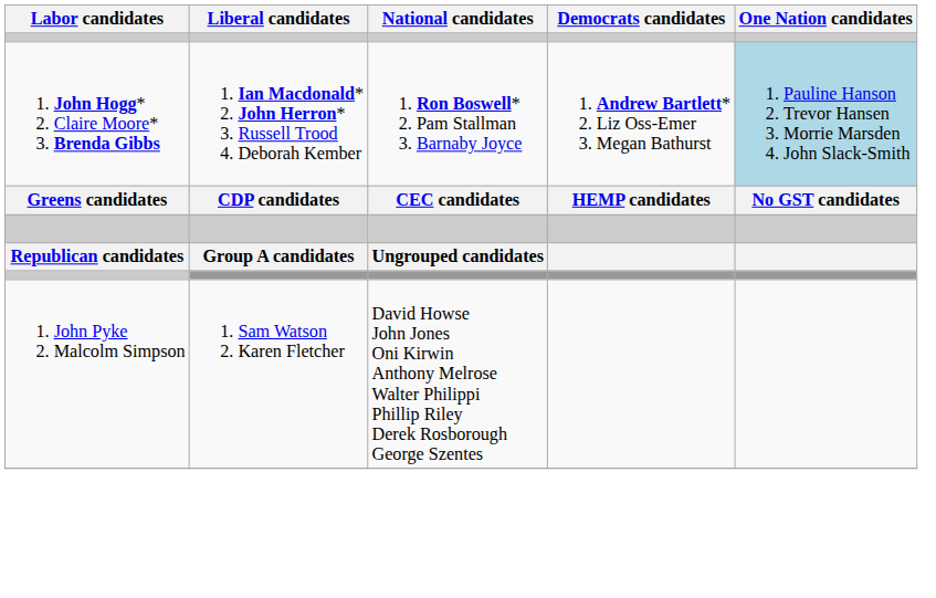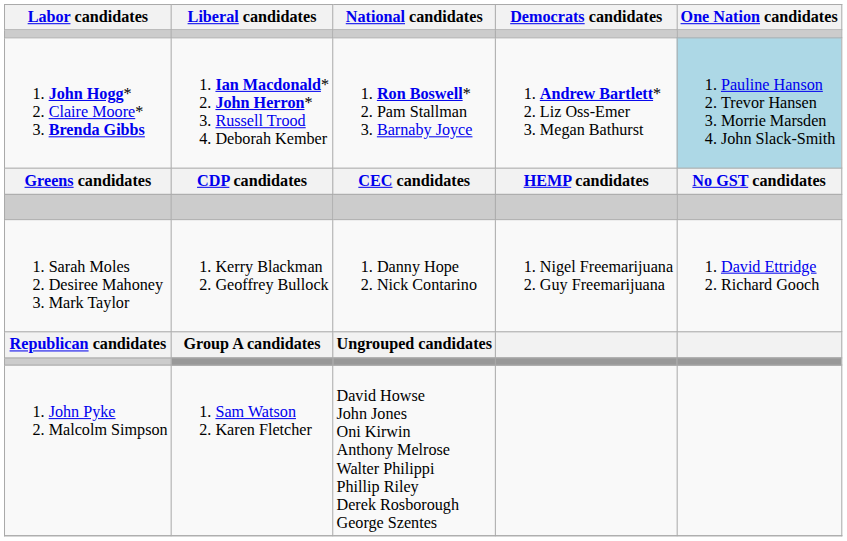 <table class="wikitable">
 <tr>
 <th><a href='#'>Labor</a> candidates</th>
 <th><a href='#'>Liberal</a> candidates</th>
 <th><a href='#'>National</a> candidates</th>
 <th><a href='#'>Democrats</a> candidates</th>
 <th><a href='#'>One Nation</a> candidates</th>
 </tr>
 <tr bgcolor="#cccccc">
 <td></td>
 <td></td>
 <td></td>
 <td></td>
 <td></td>
 </tr>
 <tr>
 <td><br><ol><li><strong><a href='#'>John Hogg</a></strong>*</li><li><a href='#'>Claire Moore</a>*</li><li><strong><a href='#'>Brenda Gibbs</a></strong></li></ol></td>
 <td><br><ol><li><strong><a href='#'>Ian Macdonald</a></strong>*</li><li><strong><a href='#'>John Herron</a></strong>*</li><li><a href='#'>Russell Trood</a></li><li>Deborah Kember</li></ol></td>
 <td><br><ol><li><strong><a href='#'>Ron Boswell</a></strong>*</li><li>Pam Stallman</li><li><a href='#'>Barnaby Joyce</a></li></ol></td>
 <td><br><ol><li><strong><a href='#'>Andrew Bartlett</a></strong>*</li><li>Liz Oss-Emer</li><li>Megan Bathurst</li></ol></td>
 <td valign=top style="background: lightblue;"><br><ol><li><a href='#'>Pauline Hanson</a></li><li>Trevor Hansen</li><li>Morrie Marsden</li><li>John Slack-Smith</li></ol></td>
 </tr>
 <tr bgcolor="#cccccc">
 <th><a href='#'>Greens</a> candidates</th>
 <th><a href='#'>CDP</a> candidates</th>
 <th><a href='#'>CEC</a> candidates</th>
 <th><a href='#'>HEMP</a> candidates</th>
 <th><a href='#'>No GST</a> candidates</th>
 </tr>
 <tr bgcolor="#cccccc">
 <td></td>
 <td></td>
 <td></td>
 <td></td>
 <td> </td>
 </tr>
+<tr>
+<td valign=top><br><ol><li>Sarah Moles</li><li>Desiree Mahoney</li><li>Mark Taylor</li></ol></td>
+<td valign=top><br><ol><li>Kerry Blackman</li><li>Geoffrey Bullock</li></ol></td>
+<td valign=top><br><ol><li>Danny Hope</li><li>Nick Contarino</li></ol></td>
+<td valign=top><br><ol><li>Nigel Freemarijuana</li><li>Guy Freemarijuana</li></ol></td>
+<td valign=top><br><ol><li><a href='#'>David Ettridge</a></li><li>Richard Gooch</li></ol></td>
+</tr>
 <tr bgcolor="#cccccc">
 <th><a href='#'>Republican</a> candidates</th>
 <th>Group A candidates</th>
 <th>Ungrouped candidates</th>
 <th></th>
 <th></th>
 </tr>
 <tr bgcolor="#cccccc">
 <td></td>
 <td bgcolor="#999999"></td>
 <td bgcolor="#999999"></td>
 <td bgcolor="#999999"></td>
 <td bgcolor="#999999"></td>
 </tr>
 <tr>
 <td valign=top><br><ol><li><a href='#'>John Pyke</a></li><li>Malcolm Simpson</li></ol></td>
 <td valign=top><br><ol><li><a href='#'>Sam Watson</a></li><li>Karen Fletcher</li></ol></td>
 <td valign=top><br>David Howse<br> John Jones<br> Oni Kirwin<br> Anthony Melrose<br> Walter Philippi<br> Phillip Riley<br> Derek Rosborough<br> George Szentes</td>
 <td valign=top></td>
 <td valign=top></td>
 </tr>
 <tr>
 </tr>
 </table>
